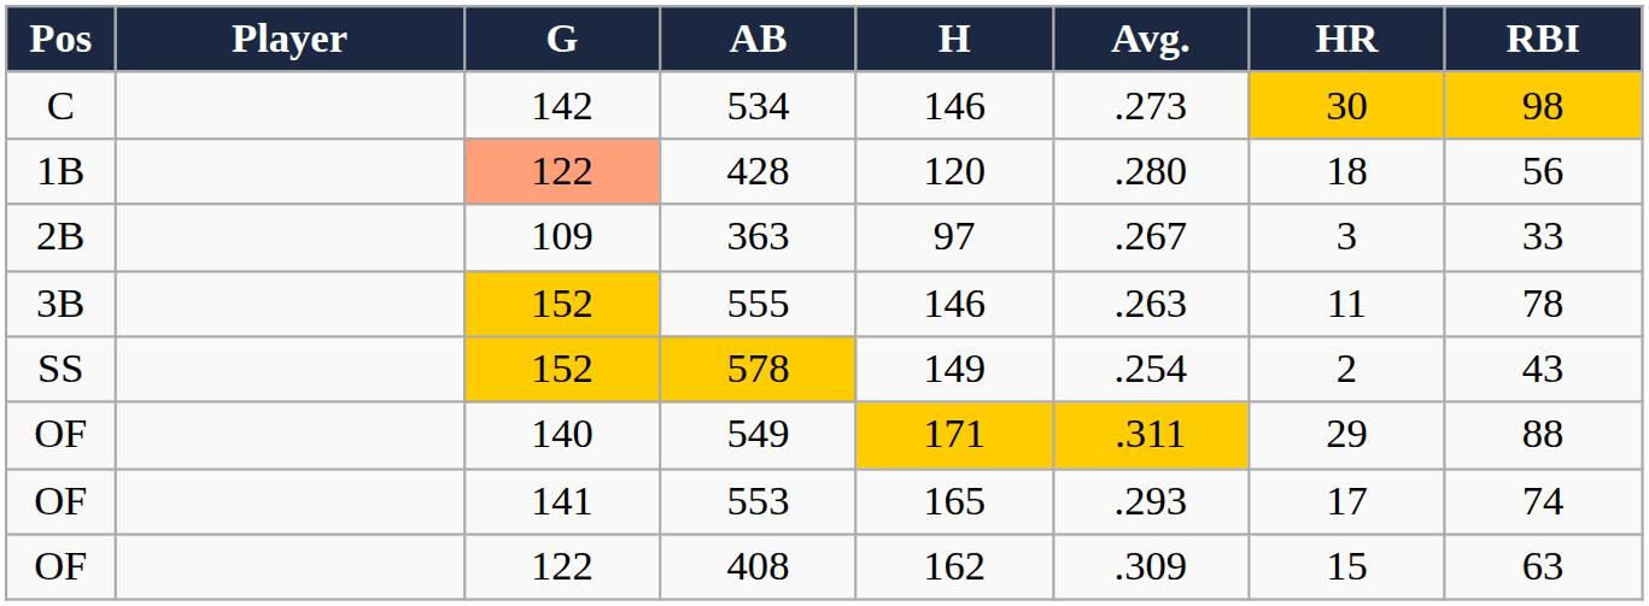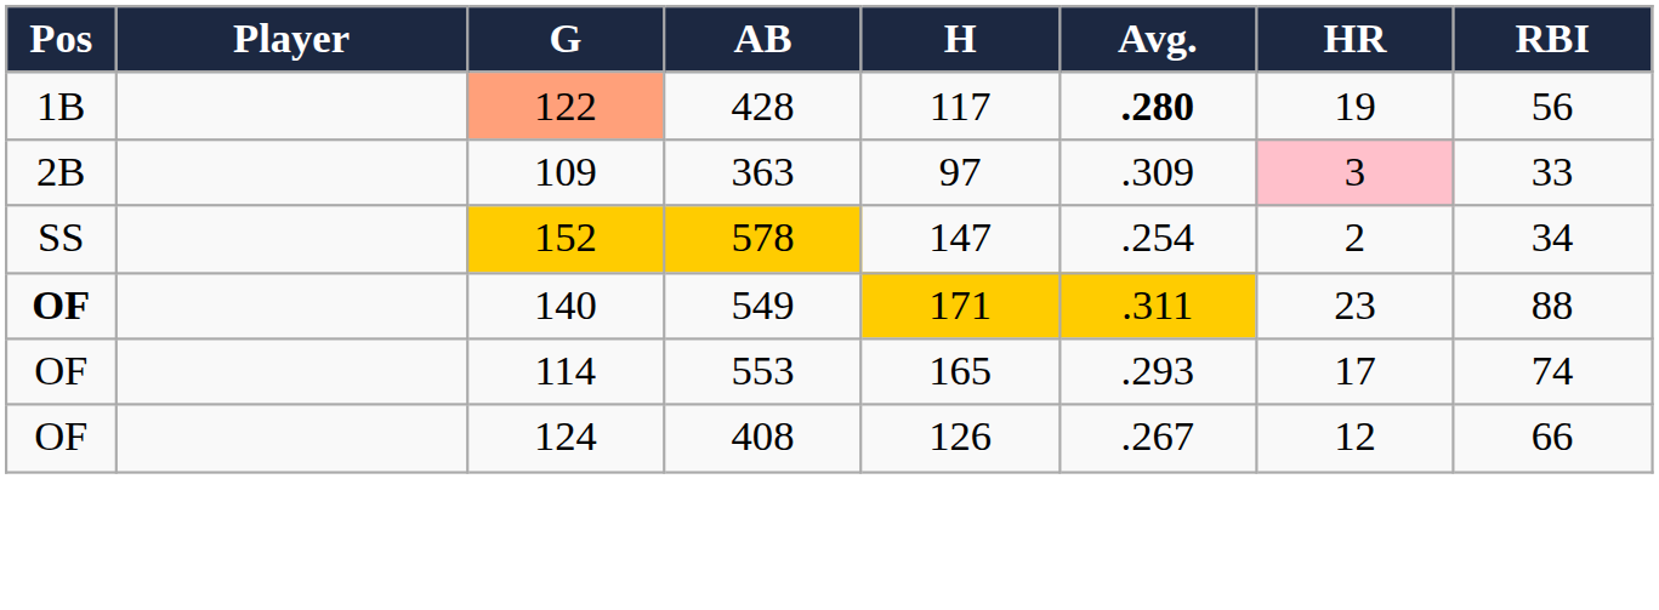 <table class="wikitable sortable" style="text-align:center;">
 <tr>
 <th style="background:#1c2841;color:white;" width="5%">Pos</th>
 <th style="background:#1c2841;color:white;" width="16%">Player</th>
 <th style="background:#1c2841;color:white;" width="9%">G</th>
 <th style="background:#1c2841;color:white;" width="9%">AB</th>
 <th style="background:#1c2841;color:white;" width="9%">H</th>
 <th style="background:#1c2841;color:white;" width="9%">Avg.</th>
 <th style="background:#1c2841;color:white;" width="9%">HR</th>
 <th style="background:#1c2841;color:white;" width="9%">RBI</th>
 </tr>
 <tr align="center">
-<td>C</td>
-<td></td>
-<td>142</td>
-<td>534</td>
-<td>146</td>
-<td>.273</td>
-<td style="background:#fc0;">30</td>
-<td style="background:#fc0;">98</td>
-</tr>
-<tr align="center">
 <td>1B</td>
 <td></td>
 <td style="background: lightsalmon;">122</td>
 <td>428</td>
-<td>120</td>
-<td>.280</td>
-<td>18</td>
+<td>117</td>
+<td><strong>.280</strong></td>
+<td>19</td>
 <td>56</td>
 </tr>
 <tr align="center">
 <td>2B</td>
 <td></td>
 <td>109</td>
 <td>363</td>
 <td>97</td>
-<td>.267</td>
-<td>3</td>
+<td>.309</td>
+<td style="background: pink;">3</td>
 <td>33</td>
-</tr>
-<tr align="center">
-<td>3B</td>
-<td></td>
-<td style="background:#fc0;">152</td>
-<td>555</td>
-<td>146</td>
-<td>.263</td>
-<td>11</td>
-<td>78</td>
 </tr>
 <tr align="center">
 <td>SS</td>
 <td></td>
 <td style="background:#fc0;">152</td>
 <td style="background:#fc0;">578</td>
-<td>149</td>
+<td>147</td>
 <td>.254</td>
 <td>2</td>
-<td>43</td>
+<td>34</td>
 </tr>
 <tr align="center">
-<td>OF</td>
+<td><strong>OF</strong></td>
 <td></td>
 <td>140</td>
 <td>549</td>
 <td style="background:#fc0;">171</td>
 <td style="background:#fc0;">.311</td>
-<td>29</td>
+<td>23</td>
 <td>88</td>
 </tr>
 <tr align="center">
 <td>OF</td>
 <td></td>
-<td>141</td>
+<td>114</td>
 <td>553</td>
 <td>165</td>
 <td>.293</td>
 <td>17</td>
 <td>74</td>
 </tr>
 <tr align="center">
 <td>OF</td>
 <td></td>
-<td>122</td>
+<td>124</td>
 <td>408</td>
-<td>162</td>
-<td>.309</td>
-<td>15</td>
-<td>63</td>
+<td>126</td>
+<td>.267</td>
+<td>12</td>
+<td>66</td>
 </tr>
 </table>
